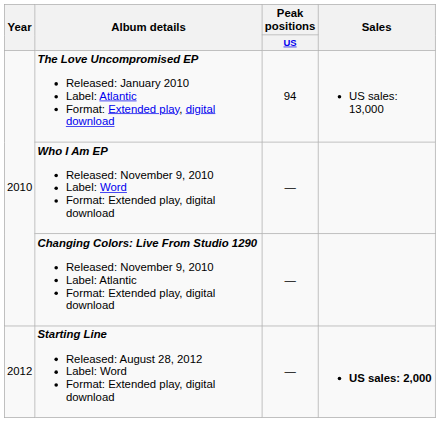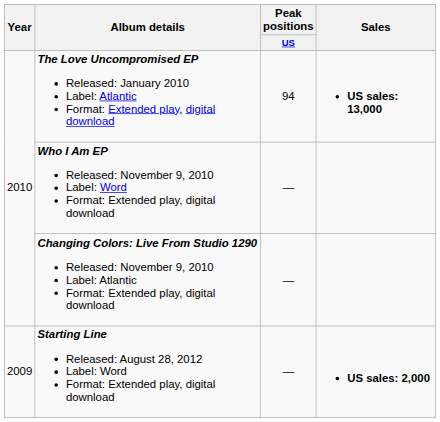 <table class="wikitable" style="text-align:center;">
 <tr>
 <th rowspan="2">Year</th>
 <th rowspan="2">Album details</th>
 <th>Peak positions</th>
 <th rowspan="2">Sales</th>
 </tr>
 <tr style="font-size:smaller;">
 <th style="width:40px;"><a href='#'>US</a></th>
 </tr>
 <tr>
 <td rowspan="3">2010</td>
 <td align="left"><strong><em>The Love Uncompromised EP</em></strong><br><ul><li>Released: January 2010</li><li>Label: <a href='#'>Atlantic</a></li><li>Format: <a href='#'>Extended play</a>, <a href='#'>digital download</a></li></ul></td>
 <td>94</td>
-<td align="left"><br><ul><li>US sales: 13,000</li></ul></td>
+<td align="left"><strong><br><ul><li>US sales: 13,000</li></ul></strong></td>
 </tr>
 <tr>
 <td align="left"><strong><em>Who I Am EP</em></strong><br><ul><li>Released: November 9, 2010</li><li>Label: <a href='#'>Word</a></li><li>Format: Extended play, digital download</li></ul></td>
 <td>—</td>
 <td align="left"></td>
 </tr>
 <tr>
 <td align="left"><strong><em>Changing Colors: Live From Studio 1290</em></strong><br><ul><li>Released: November 9, 2010</li><li>Label: Atlantic</li><li>Format: Extended play, digital download</li></ul></td>
 <td>—</td>
 <td align="left"></td>
 </tr>
 <tr>
-<td>2012</td>
+<td>2009</td>
 <td align="left"><strong><em>Starting Line</em></strong><br><ul><li>Released: August 28, 2012</li><li>Label: Word</li><li>Format: Extended play, digital download</li></ul></td>
 <td>—</td>
 <td align="left"><strong><br><ul><li>US sales: 2,000</li></ul></strong></td>
 </tr>
 </table>
